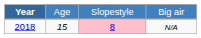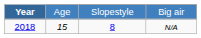 <table class="wikitable" style="font-size:95%; text-align:center; border:grey solid 1px; border-collapse:collapse;" width="25%">
 <tr style="background-color:#369; color:white;">
 <td rowspan="2" colspan="1" width="4%"><strong>Year</strong></td>
 </tr>
 <tr style="background-color:#4180be; color:white;">
 <td width="3%">Age</td>
 <td width="5%">Slopestyle</td>
 <td width="8%">Big air</td>
 </tr>
 <tr style="background-color:#8CB2D8; color:white;">
 </tr>
 <tr>
 <td><a href='#'>2018</a></td>
 <td><em>15</em></td>
-<td style="background: pink;"><a href='#'>8</a></td>
+<td><a href='#'>8</a></td>
 <td><small><em>N/A</em></small></td>
 </tr>
 </table>
